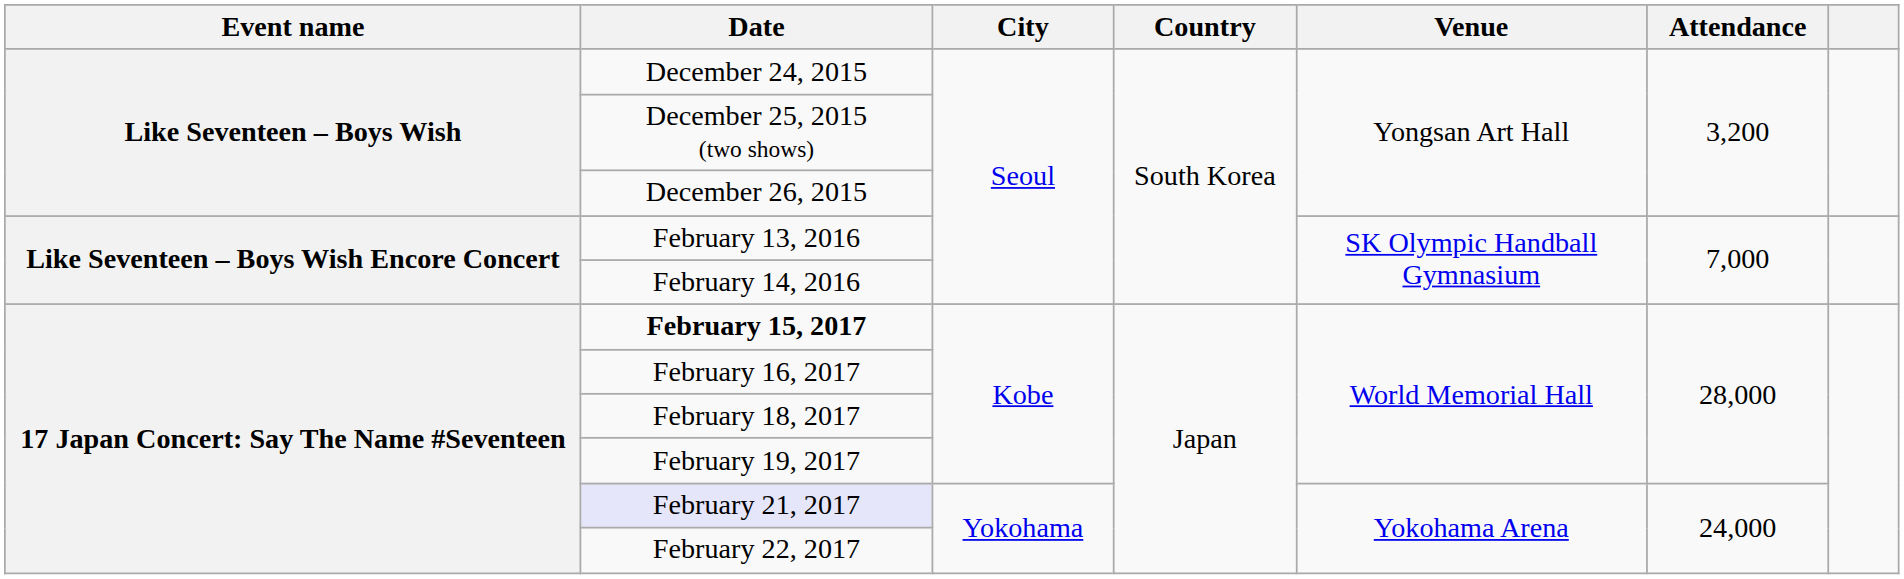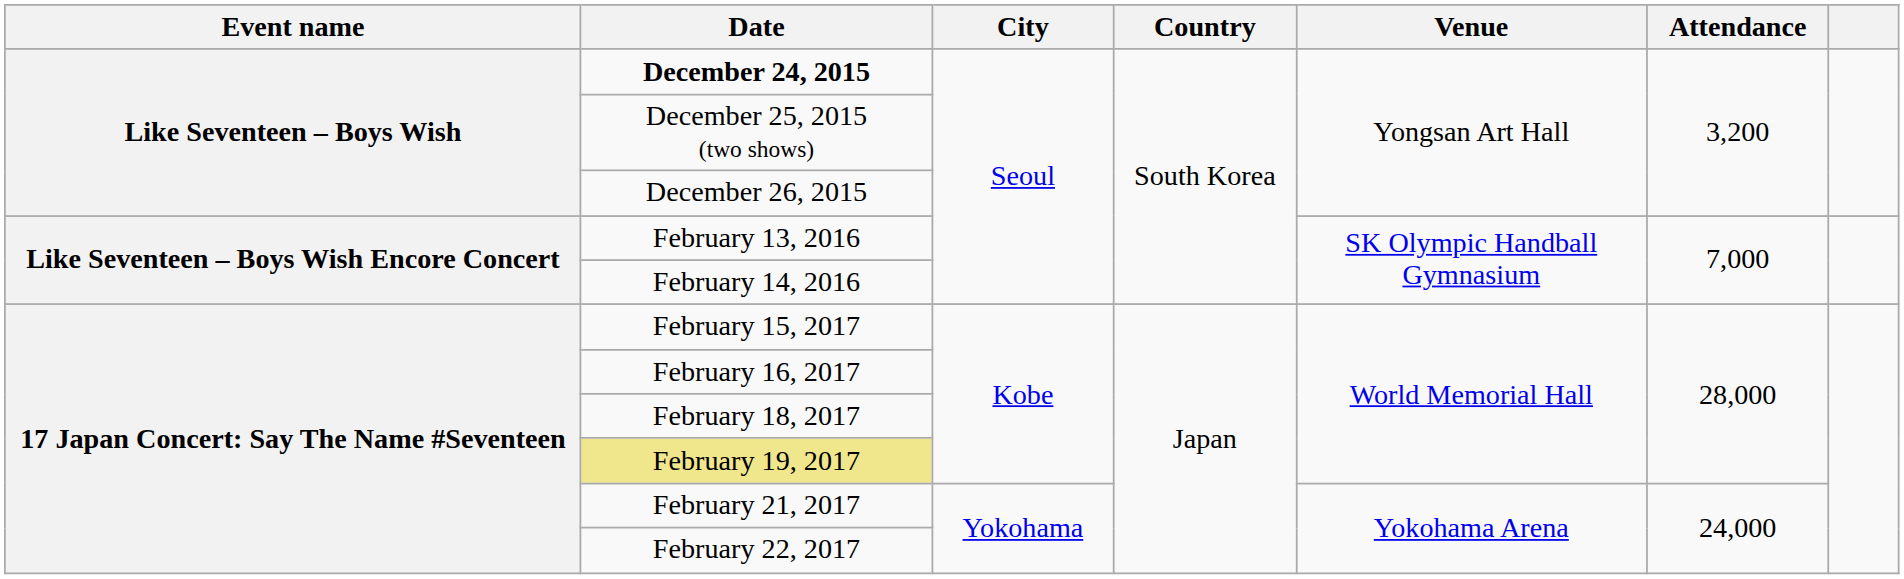 <table class="wikitable plainrowheaders" style="text-align:center;">
 <tr>
 <th scope="col" style="width:20em;">Event name</th>
 <th scope="col" style="width:12em;">Date</th>
 <th scope="col" style="width:6em;">City</th>
 <th scope="col" style="width:6em;">Country</th>
 <th scope="col" style="width:12em;">Venue</th>
 <th scope="col" style="width:6em;">Attendance</th>
 <th scope="col" style="width:2em;"></th>
 </tr>
 <tr>
 <th scope="rowgroup" rowspan="3">Like Seventeen – Boys Wish</th>
-<td>December 24, 2015</td>
+<td><strong>December 24, 2015</strong></td>
 <td rowspan="5"><a href='#'>Seoul</a></td>
 <td rowspan="5">South Korea</td>
 <td rowspan="3">Yongsan Art Hall</td>
 <td rowspan="3">3,200</td>
 <td rowspan="3"></td>
 </tr>
 <tr>
 <td>December 25, 2015 <br> <small>(two shows)</small></td>
 </tr>
 <tr>
 <td>December 26, 2015</td>
 </tr>
 <tr>
 <th scope="rowgroup" rowspan="2">Like Seventeen – Boys Wish Encore Concert</th>
 <td>February 13, 2016</td>
 <td rowspan="2"><a href='#'>SK Olympic Handball Gymnasium</a></td>
 <td rowspan="2">7,000</td>
 <td rowspan="2"></td>
 </tr>
 <tr>
 <td>February 14, 2016</td>
 </tr>
 <tr>
 <th scope="rowgroup" rowspan="6">17 Japan Concert: Say The Name #Seventeen</th>
-<td><strong>February 15, 2017</strong></td>
+<td>February 15, 2017</td>
 <td rowspan="4"><a href='#'>Kobe</a></td>
 <td rowspan="6">Japan</td>
 <td rowspan="4"><a href='#'>World Memorial Hall</a></td>
 <td rowspan="4">28,000</td>
 <td rowspan="6"></td>
 </tr>
 <tr>
 <td>February 16, 2017</td>
 </tr>
 <tr>
 <td>February 18, 2017</td>
 </tr>
 <tr>
-<td>February 19, 2017</td>
+<td style="background: khaki;">February 19, 2017</td>
 </tr>
 <tr>
-<td style="background: lavender;">February 21, 2017</td>
+<td>February 21, 2017</td>
 <td rowspan="2"><a href='#'>Yokohama</a></td>
 <td rowspan="2"><a href='#'>Yokohama Arena</a></td>
 <td rowspan="2">24,000</td>
 </tr>
 <tr>
 <td>February 22, 2017</td>
 </tr>
 </table>
